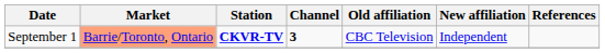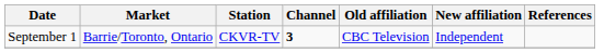 <table class="wikitable">
 <tr>
 <th>Date</th>
 <th>Market</th>
 <th>Station</th>
 <th>Channel</th>
 <th>Old affiliation</th>
 <th>New affiliation</th>
 <th>References</th>
 </tr>
 <tr>
 <td>September 1</td>
-<td style="background: lightsalmon;"><a href='#'>Barrie</a>/<a href='#'>Toronto</a>, <a href='#'>Ontario</a></td>
-<td><strong><a href='#'>CKVR-TV</a></strong></td>
+<td><a href='#'>Barrie</a>/<a href='#'>Toronto</a>, <a href='#'>Ontario</a></td>
+<td><a href='#'>CKVR-TV</a></td>
 <td><strong>3</strong></td>
 <td><a href='#'>CBC Television</a></td>
 <td><a href='#'>Independent</a></td>
 <td></td>
 </tr>
 <tr>
 </tr>
 </table>
